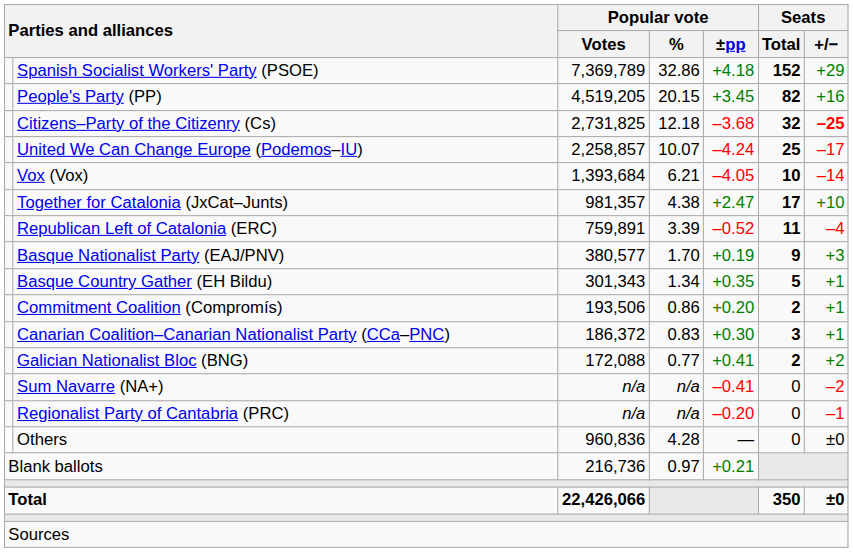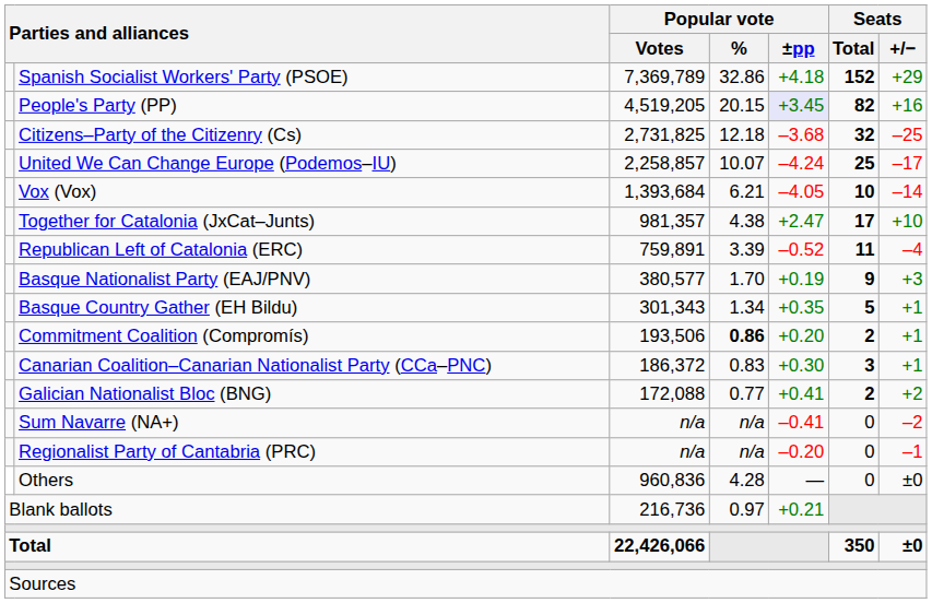 <table class="wikitable" style="text-align:right;">
 <tr>
 <th style="text-align:left;" rowspan="2" colspan="2" width="525">Parties and alliances</th>
 <th colspan="3">Popular vote</th>
 <th colspan="2">Seats</th>
 </tr>
 <tr>
 <th width="75">Votes</th>
 <th width="45">%</th>
 <th width="45">±<a href='#'>pp</a></th>
 <th width="35">Total</th>
 <th width="35">+/−</th>
 </tr>
 <tr>
 <td width="1" style="color:inherit;background:"></td>
 <td align="left"><a href='#'>Spanish Socialist Workers' Party</a> (PSOE)</td>
 <td>7,369,789</td>
 <td>32.86</td>
 <td style="color:green;">+4.18</td>
 <td><strong>152</strong></td>
 <td style="color:green;">+29</td>
 </tr>
 <tr>
 <td style="color:inherit;background:"></td>
 <td align="left"><a href='#'>People's Party</a> (PP)</td>
 <td>4,519,205</td>
 <td>20.15</td>
-<td style="color:green;">+3.45</td>
+<td style="background: lavender; color:green;">+3.45</td>
 <td><strong>82</strong></td>
 <td style="color:green;">+16</td>
 </tr>
 <tr>
 <td style="color:inherit;background:"></td>
 <td align="left"><a href='#'>Citizens–Party of the Citizenry</a> (Cs)</td>
 <td>2,731,825</td>
 <td>12.18</td>
 <td style="color:red;">–3.68</td>
 <td><strong>32</strong></td>
-<td style="color:red;"><strong>–25</strong></td>
+<td style="color:red;">–25</td>
 </tr>
 <tr>
 <td style="color:inherit;background:"></td>
 <td align="left"><a href='#'>United We Can Change Europe</a> (<a href='#'>Podemos</a>–<a href='#'>IU</a>)</td>
 <td>2,258,857</td>
 <td>10.07</td>
 <td style="color:red;">–4.24</td>
 <td><strong>25</strong></td>
 <td style="color:red;">–17</td>
 </tr>
 <tr>
 <td style="color:inherit;background:"></td>
 <td align="left"><a href='#'>Vox</a> (Vox)</td>
 <td>1,393,684</td>
 <td>6.21</td>
 <td style="color:red;">–4.05</td>
 <td><strong>10</strong></td>
 <td style="color:red;">–14</td>
 </tr>
 <tr>
 <td style="color:inherit;background:"></td>
 <td align="left"><a href='#'>Together for Catalonia</a> (JxCat–Junts)</td>
 <td>981,357</td>
 <td>4.38</td>
 <td style="color:green;">+2.47</td>
 <td><strong>17</strong></td>
 <td style="color:green;">+10</td>
 </tr>
 <tr>
 <td style="color:inherit;background:"></td>
 <td align="left"><a href='#'>Republican Left of Catalonia</a> (ERC)</td>
 <td>759,891</td>
 <td>3.39</td>
 <td style="color:red;">–0.52</td>
 <td><strong>11</strong></td>
 <td style="color:red;">–4</td>
 </tr>
 <tr>
 <td style="color:inherit;background:"></td>
 <td align="left"><a href='#'>Basque Nationalist Party</a> (EAJ/PNV)</td>
 <td>380,577</td>
 <td>1.70</td>
 <td style="color:green;">+0.19</td>
 <td><strong>9</strong></td>
 <td style="color:green;">+3</td>
 </tr>
 <tr>
 <td style="color:inherit;background:"></td>
 <td align="left"><a href='#'>Basque Country Gather</a> (EH Bildu)</td>
 <td>301,343</td>
 <td>1.34</td>
 <td style="color:green;">+0.35</td>
 <td><strong>5</strong></td>
 <td style="color:green;">+1</td>
 </tr>
 <tr>
 <td style="color:inherit;background:"></td>
 <td align="left"><a href='#'>Commitment Coalition</a> (Compromís)</td>
 <td>193,506</td>
-<td>0.86</td>
+<td><strong>0.86</strong></td>
 <td style="color:green;">+0.20</td>
 <td><strong>2</strong></td>
 <td style="color:green;">+1</td>
 </tr>
 <tr>
 <td style="color:inherit;background:"></td>
 <td align="left"><a href='#'>Canarian Coalition–Canarian Nationalist Party</a> (<a href='#'>CCa</a>–<a href='#'>PNC</a>)</td>
 <td>186,372</td>
 <td>0.83</td>
 <td style="color:green;">+0.30</td>
 <td><strong>3</strong></td>
 <td style="color:green;">+1</td>
 </tr>
 <tr>
 <td style="color:inherit;background:"></td>
 <td align="left"><a href='#'>Galician Nationalist Bloc</a> (BNG)</td>
 <td>172,088</td>
 <td>0.77</td>
 <td style="color:green;">+0.41</td>
 <td><strong>2</strong></td>
 <td style="color:green;">+2</td>
 </tr>
 <tr>
 <td style="color:inherit;background:"></td>
 <td align="left"><a href='#'>Sum Navarre</a> (NA+)</td>
 <td><em>n/a</em></td>
 <td><em>n/a</em></td>
 <td style="color:red;">–0.41</td>
 <td>0</td>
 <td style="color:red;">–2</td>
 </tr>
 <tr>
 <td style="color:inherit;background:"></td>
 <td align="left"><a href='#'>Regionalist Party of Cantabria</a> (PRC)</td>
 <td><em>n/a</em></td>
 <td><em>n/a</em></td>
 <td style="color:red;">–0.20</td>
 <td>0</td>
 <td style="color:red;">–1</td>
 </tr>
 <tr>
 <td bgcolor="white"></td>
 <td align="left">Others</td>
 <td>960,836</td>
 <td>4.28</td>
 <td>—</td>
 <td>0</td>
 <td>±0</td>
 </tr>
 <tr>
 <td align="left" colspan="2">Blank ballots</td>
 <td>216,736</td>
 <td>0.97</td>
 <td style="color:green;">+0.21</td>
 <td bgcolor="#E9E9E9" colspan="2"></td>
 </tr>
 <tr>
 <td colspan="7" bgcolor="#E9E9E9"></td>
 </tr>
 <tr style="font-weight:bold;">
 <td align="left" colspan="2">Total</td>
 <td>22,426,066</td>
 <td bgcolor="#E9E9E9" colspan="2"></td>
 <td>350</td>
 <td>±0</td>
 </tr>
 <tr>
 <td colspan="7" bgcolor="#E9E9E9"></td>
 </tr>
 <tr>
 <td align="left" colspan="7">Sources</td>
 </tr>
 </table>
